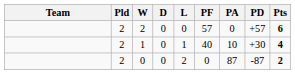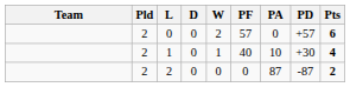 <table class="wikitable" style="text-align:center;">
 <tr>
 <th width=160>Team</th>
 <th width=25 abbr="Played">Pld</th>
+<th width=25 abbr="Lost">L</th>
+<th width=25 abbr="Drawn">D</th>
 <th width=25 abbr="Won">W</th>
-<th width=25 abbr="Drawn">D</th>
-<th width=25 abbr="Lost">L</th>
 <th width=32 abbr="Points for">PF</th>
 <th width=32 abbr="Points against">PA</th>
 <th width=32 abbr="Points difference">PD</th>
 <th width=25 abbr="Points">Pts</th>
 </tr>
 <tr>
 <td align=left></td>
 <td>2</td>
-<td>2</td>
 <td>0</td>
 <td>0</td>
+<td>2</td>
 <td>57</td>
 <td>0</td>
 <td>+57</td>
 <td><strong>6</strong></td>
 </tr>
 <tr>
 <td align=left></td>
 <td>2</td>
 <td>1</td>
 <td>0</td>
 <td>1</td>
 <td>40</td>
 <td>10</td>
 <td>+30</td>
 <td><strong>4</strong></td>
 </tr>
 <tr>
 <td align=left></td>
 <td>2</td>
+<td>2</td>
 <td>0</td>
 <td>0</td>
-<td>2</td>
 <td>0</td>
 <td>87</td>
 <td>-87</td>
 <td><strong>2</strong></td>
 </tr>
 </table>
